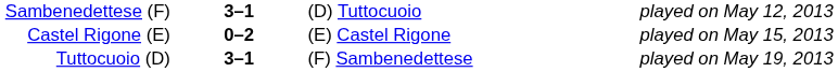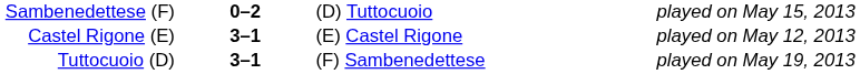 <table width="100%" cellspacing="1">
 <tr>
 <th width="30%"></th>
 <th width="12%"></th>
 <th width="30%"></th>
 <th width="30%'"></th>
 <th></th>
 </tr>
 <tr style="font-size:90%;">
 <td align="right"><a href='#'>Sambenedettese</a> (F)</td>
-<td align="center"><strong>3–1</strong></td>
+<td align="center"><strong>0–2</strong></td>
 <td align="left">(D) <a href='#'>Tuttocuoio</a></td>
-<td align="left"><em>played on May 12, 2013</em></td>
+<td align="left"><em>played on May 15, 2013</em></td>
 </tr>
 <tr style="font-size:90%;">
 <td align="right"><a href='#'>Castel Rigone</a> (E)</td>
-<td align="center"><strong>0–2</strong></td>
+<td align="center"><strong>3–1</strong></td>
 <td align="left">(E) <a href='#'>Castel Rigone</a></td>
-<td align="left"><em>played on May 15, 2013</em></td>
+<td align="left"><em>played on May 12, 2013</em></td>
 </tr>
 <tr style="font-size:90%;">
 <td align="right"><a href='#'>Tuttocuoio</a> (D)</td>
 <td align="center"><strong>3–1</strong></td>
 <td align="left">(F) <a href='#'>Sambenedettese</a></td>
 <td align="left"><em>played on May 19, 2013</em></td>
 </tr>
 </table>
